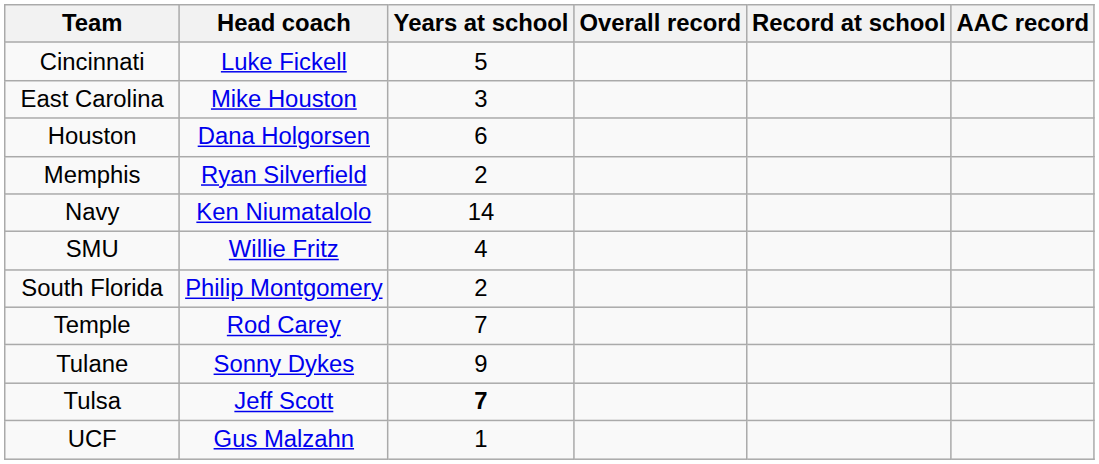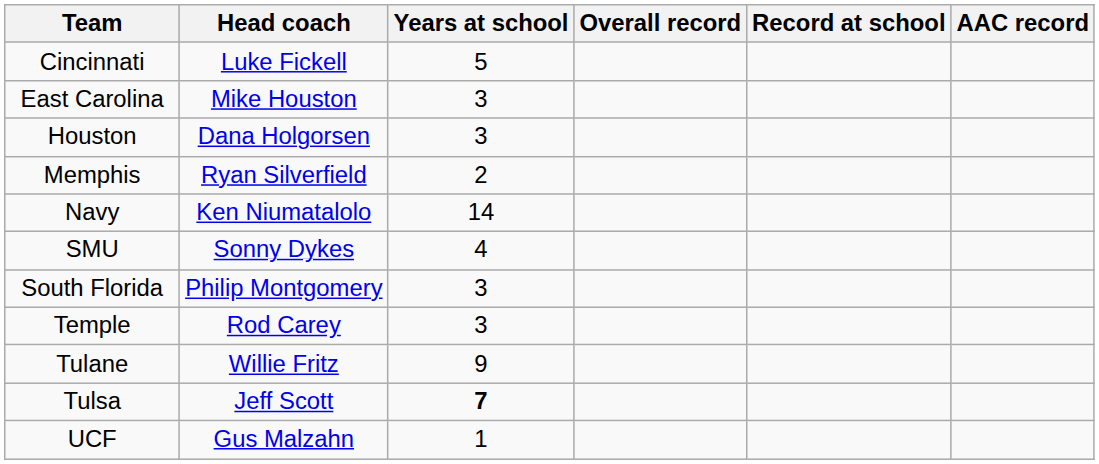 <table class="wikitable sortable" style="text-align: center;">
 <tr>
 <th width="110">Team</th>
 <th>Head coach</th>
 <th>Years at school</th>
 <th>Overall record</th>
 <th>Record at school</th>
 <th>AAC record</th>
 </tr>
 <tr>
 <td>Cincinnati</td>
 <td><a href='#'>Luke Fickell</a></td>
 <td>5</td>
 <td data-sort-value=></td>
 <td data-sort-value=></td>
 <td data-sort-value=></td>
 </tr>
 <tr>
 <td>East Carolina</td>
 <td><a href='#'>Mike Houston</a></td>
 <td>3</td>
 <td data-sort-value=></td>
 <td data-sort-value=></td>
 <td data-sort-value=></td>
 </tr>
 <tr>
 <td>Houston</td>
 <td><a href='#'>Dana Holgorsen</a></td>
-<td>6</td>
+<td>3</td>
 <td data-sort-value=></td>
 <td data-sort-value=></td>
 <td data-sort-value=></td>
 </tr>
 <tr>
 <td>Memphis</td>
 <td><a href='#'>Ryan Silverfield</a></td>
 <td>2</td>
 <td data-sort-value=></td>
 <td data-sort-value=></td>
 <td data-sort-value=></td>
 </tr>
 <tr>
 <td>Navy</td>
 <td><a href='#'>Ken Niumatalolo</a></td>
 <td>14</td>
 <td data-sort-value=></td>
 <td data-sort-value=></td>
 <td data-sort-value=></td>
 </tr>
 <tr>
 <td>SMU</td>
-<td><a href='#'>Willie Fritz</a></td>
+<td><a href='#'>Sonny Dykes</a></td>
 <td>4</td>
 <td data-sort-value=></td>
 <td data-sort-value=></td>
 <td data-sort-value=></td>
 </tr>
 <tr>
 <td>South Florida</td>
 <td><a href='#'>Philip Montgomery</a></td>
-<td>2</td>
+<td>3</td>
 <td data-sort-value=></td>
 <td data-sort-value=></td>
 <td data-sort-value=></td>
 </tr>
 <tr>
 <td>Temple</td>
 <td><a href='#'>Rod Carey</a></td>
-<td>7</td>
+<td>3</td>
 <td data-sort-value=></td>
 <td data-sort-value=></td>
 <td data-sort-value=></td>
 </tr>
 <tr>
 <td>Tulane</td>
-<td><a href='#'>Sonny Dykes</a></td>
+<td><a href='#'>Willie Fritz</a></td>
 <td>9</td>
 <td data-sort-value=></td>
 <td data-sort-value=></td>
 <td data-sort-value=></td>
 </tr>
 <tr>
 <td>Tulsa</td>
 <td><a href='#'>Jeff Scott</a></td>
 <td><strong>7</strong></td>
 <td data-sort-value=></td>
 <td data-sort-value=></td>
 <td data-sort-value=></td>
 </tr>
 <tr>
 <td>UCF</td>
 <td><a href='#'>Gus Malzahn</a></td>
 <td>1</td>
 <td data-sort-value=></td>
 <td data-sort-value=></td>
 <td data-sort-value=></td>
 </tr>
 </table>
